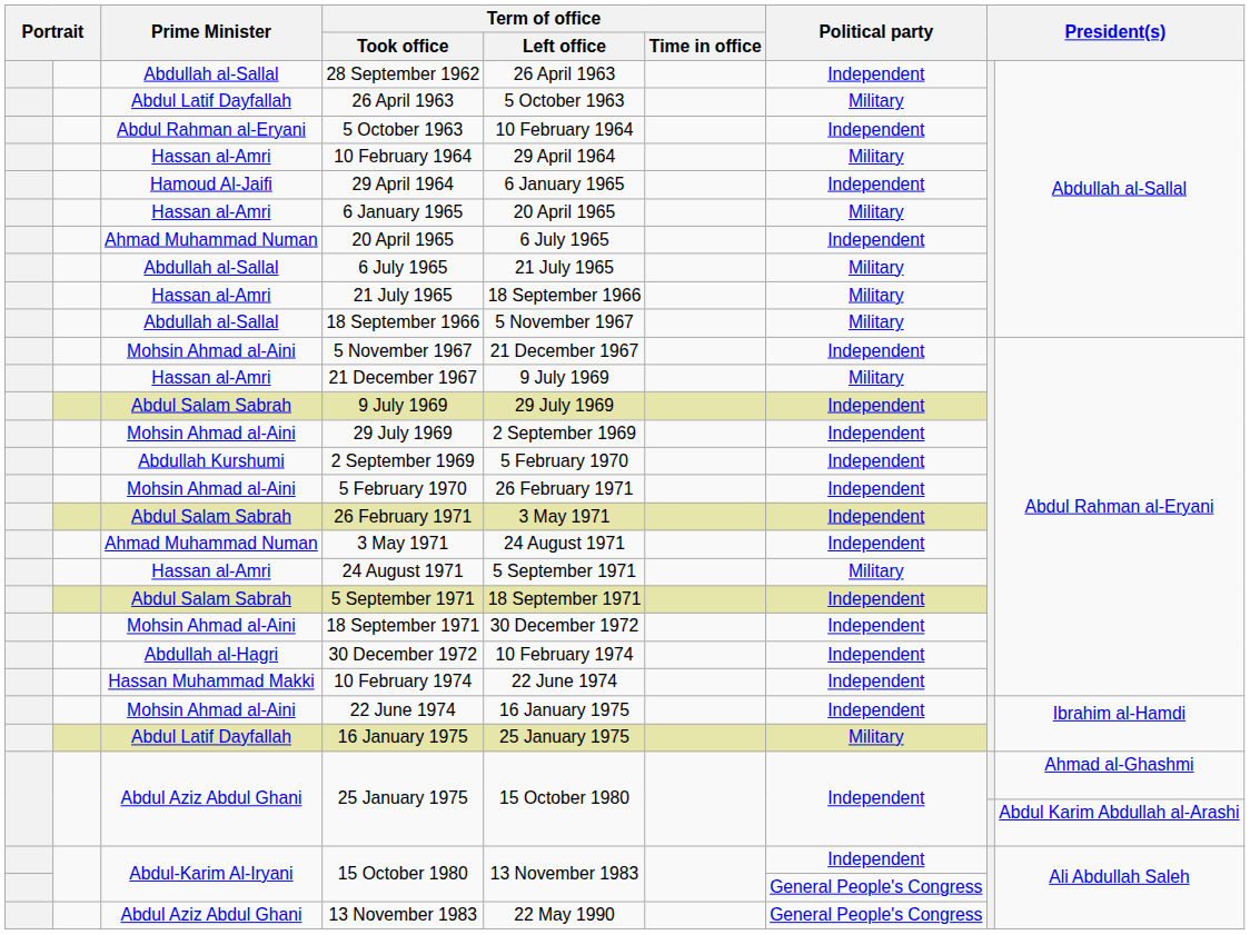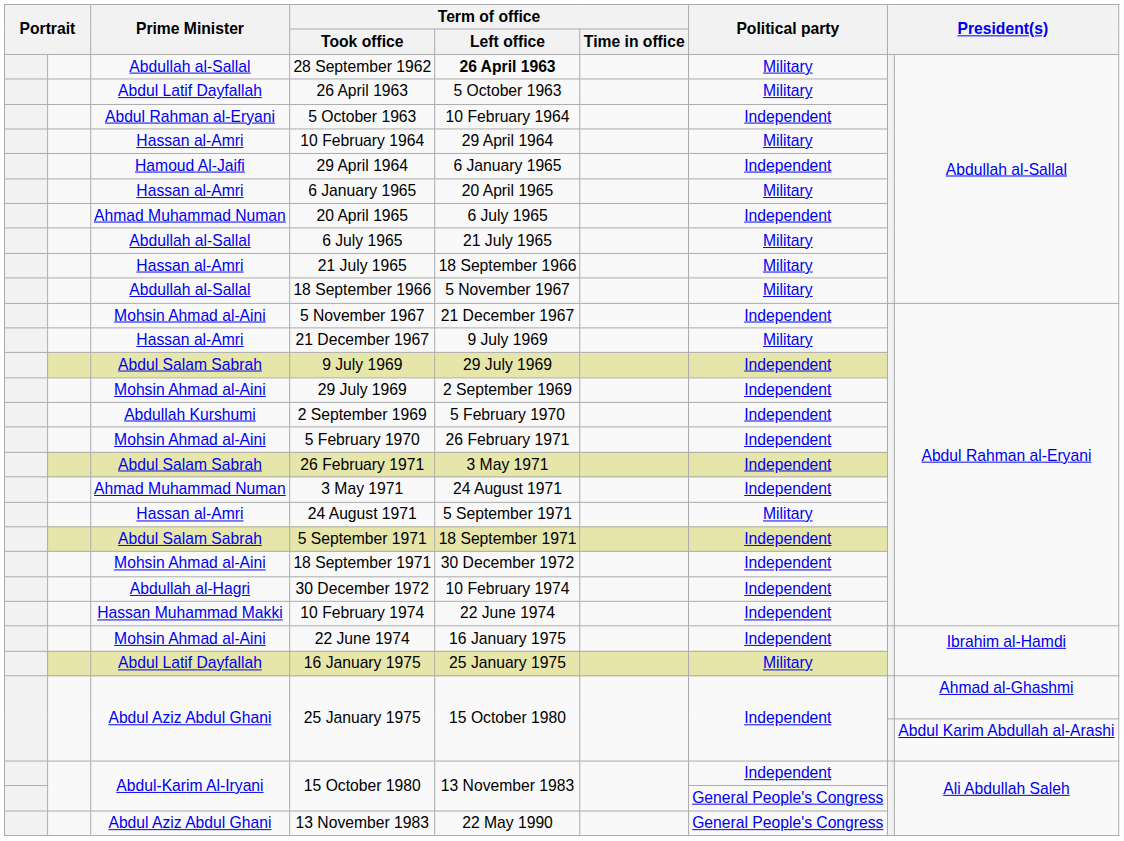 <table class="wikitable" style="text-align:center; border:1px #aaf solid; width:90%;">
 <tr>
 <th rowspan="2" colspan="2" width="80px">Portrait</th>
 <th rowspan="2">Prime Minister<br></th>
 <th colspan="3">Term of office</th>
 <th rowspan="2">Political party</th>
 <th rowspan="2" colspan="2"><a href='#'>President(s)</a><br></th>
 </tr>
 <tr>
 <th>Took office</th>
 <th>Left office</th>
 <th>Time in office</th>
 </tr>
 <tr>
 <th style="background:"></th>
 <td></td>
 <td><a href='#'>Abdullah al-Sallal</a><br></td>
 <td>28 September 1962</td>
-<td>26 April 1963</td>
+<td><strong>26 April 1963</strong></td>
 <td></td>
-<td><a href='#'>Independent</a></td>
+<td><a href='#'>Military</a></td>
 <th rowspan=10 style="background:"></th>
 <td rowspan=10><a href='#'>Abdullah al-Sallal</a><br><br></td>
 </tr>
 <tr>
 <th style="background:"></th>
 <td></td>
 <td><a href='#'>Abdul Latif Dayfallah</a><br></td>
 <td>26 April 1963</td>
 <td>5 October 1963</td>
 <td></td>
 <td><a href='#'>Military</a></td>
 </tr>
 <tr>
 <th style="background:"></th>
 <td></td>
 <td><a href='#'>Abdul Rahman al-Eryani</a><br></td>
 <td>5 October 1963</td>
 <td>10 February 1964</td>
 <td></td>
 <td><a href='#'>Independent</a></td>
 </tr>
 <tr>
 <th style="background:"></th>
 <td></td>
 <td><a href='#'>Hassan al-Amri</a><br></td>
 <td>10 February 1964</td>
 <td>29 April 1964</td>
 <td></td>
 <td><a href='#'>Military</a></td>
 </tr>
 <tr>
 <th style="background:"></th>
 <td></td>
 <td><a href='#'>Hamoud Al-Jaifi</a><br></td>
 <td>29 April 1964</td>
 <td>6 January 1965</td>
 <td></td>
 <td><a href='#'>Independent</a></td>
 </tr>
 <tr>
 <th style="background:"></th>
 <td></td>
 <td><a href='#'>Hassan al-Amri</a><br></td>
 <td>6 January 1965</td>
 <td>20 April 1965</td>
 <td></td>
 <td><a href='#'>Military</a></td>
 </tr>
 <tr>
 <th style="background:"></th>
 <td></td>
 <td><a href='#'>Ahmad Muhammad Numan</a><br></td>
 <td>20 April 1965</td>
 <td>6 July 1965</td>
 <td></td>
 <td><a href='#'>Independent</a></td>
 </tr>
 <tr>
 <th style="background:"></th>
 <td></td>
 <td><a href='#'>Abdullah al-Sallal</a><br></td>
 <td>6 July 1965</td>
 <td>21 July 1965</td>
 <td></td>
 <td><a href='#'>Military</a></td>
 </tr>
 <tr>
 <th style="background:"></th>
 <td></td>
 <td><a href='#'>Hassan al-Amri</a><br></td>
 <td>21 July 1965</td>
 <td>18 September 1966</td>
 <td></td>
 <td><a href='#'>Military</a></td>
 </tr>
 <tr>
 <th style="background:"></th>
 <td></td>
 <td><a href='#'>Abdullah al-Sallal</a><br></td>
 <td>18 September 1966</td>
 <td>5 November 1967<br></td>
 <td></td>
 <td><a href='#'>Military</a></td>
 </tr>
 <tr>
 <th style="background:"></th>
 <td></td>
 <td><a href='#'>Mohsin Ahmad al-Aini</a><br></td>
 <td>5 November 1967</td>
 <td>21 December 1967</td>
 <td></td>
 <td><a href='#'>Independent</a></td>
 <th rowspan=13 style="background:"></th>
 <td rowspan=13><a href='#'>Abdul Rahman al-Eryani</a><br><br></td>
 </tr>
 <tr>
 <th style="background:"></th>
 <td></td>
 <td><a href='#'>Hassan al-Amri</a><br></td>
 <td>21 December 1967</td>
 <td>9 July 1969</td>
 <td></td>
 <td><a href='#'>Military</a></td>
 </tr>
 <tr>
 <th style="background:"></th>
 <td style="background:#e6e6aa;"></td>
 <td style="background:#e6e6aa;"><a href='#'>Abdul Salam Sabrah</a><br></td>
 <td style="background:#e6e6aa;">9 July 1969</td>
 <td style="background:#e6e6aa;">29 July 1969</td>
 <td style="background:#e6e6aa;"></td>
 <td style="background:#e6e6aa;"><a href='#'>Independent</a></td>
 </tr>
 <tr>
 <th style="background:"></th>
 <td></td>
 <td><a href='#'>Mohsin Ahmad al-Aini</a><br></td>
 <td>29 July 1969</td>
 <td>2 September 1969</td>
 <td></td>
 <td><a href='#'>Independent</a></td>
 </tr>
 <tr>
 <th style="background:"></th>
 <td></td>
 <td><a href='#'>Abdullah Kurshumi</a><br></td>
 <td>2 September 1969</td>
 <td>5 February 1970</td>
 <td></td>
 <td><a href='#'>Independent</a></td>
 </tr>
 <tr>
 <th style="background:"></th>
 <td></td>
 <td><a href='#'>Mohsin Ahmad al-Aini</a><br></td>
 <td>5 February 1970</td>
 <td>26 February 1971</td>
 <td></td>
 <td><a href='#'>Independent</a></td>
 </tr>
 <tr>
 <th style="background:"></th>
 <td style="background:#e6e6aa;"></td>
 <td style="background:#e6e6aa;"><a href='#'>Abdul Salam Sabrah</a><br></td>
 <td style="background:#e6e6aa;">26 February 1971</td>
 <td style="background:#e6e6aa;">3 May 1971</td>
 <td style="background:#e6e6aa;"></td>
 <td style="background:#e6e6aa;"><a href='#'>Independent</a></td>
 </tr>
 <tr>
 <th style="background:"></th>
 <td></td>
 <td><a href='#'>Ahmad Muhammad Numan</a><br></td>
 <td>3 May 1971</td>
 <td>24 August 1971</td>
 <td></td>
 <td><a href='#'>Independent</a></td>
 </tr>
 <tr>
 <th style="background:"></th>
 <td></td>
 <td><a href='#'>Hassan al-Amri</a><br></td>
 <td>24 August 1971</td>
 <td>5 September 1971</td>
 <td></td>
 <td><a href='#'>Military</a></td>
 </tr>
 <tr>
 <th style="background:"></th>
 <td style="background:#e6e6aa;"></td>
 <td style="background:#e6e6aa;"><a href='#'>Abdul Salam Sabrah</a><br></td>
 <td style="background:#e6e6aa;">5 September 1971</td>
 <td style="background:#e6e6aa;">18 September 1971</td>
 <td style="background:#e6e6aa;"></td>
 <td style="background:#e6e6aa;"><a href='#'>Independent</a></td>
 </tr>
 <tr>
 <th style="background:"></th>
 <td></td>
 <td><a href='#'>Mohsin Ahmad al-Aini</a><br></td>
 <td>18 September 1971</td>
 <td>30 December 1972</td>
 <td></td>
 <td><a href='#'>Independent</a></td>
 </tr>
 <tr>
 <th style="background:"></th>
 <td></td>
 <td><a href='#'>Abdullah al-Hagri</a><br></td>
 <td>30 December 1972</td>
 <td>10 February 1974</td>
 <td></td>
 <td><a href='#'>Independent</a></td>
 </tr>
 <tr>
 <th style="background:"></th>
 <td></td>
 <td><a href='#'>Hassan Muhammad Makki</a><br></td>
 <td>10 February 1974</td>
 <td>22 June 1974</td>
 <td></td>
 <td><a href='#'>Independent</a></td>
 </tr>
 <tr>
 <th style="background:"></th>
 <td></td>
 <td><a href='#'>Mohsin Ahmad al-Aini</a><br></td>
 <td>22 June 1974</td>
 <td>16 January 1975</td>
 <td></td>
 <td><a href='#'>Independent</a></td>
 <th rowspan=3 style="background:"></th>
 <td rowspan=3><a href='#'>Ibrahim al-Hamdi</a><br><br></td>
 </tr>
 <tr>
 <th style="background:"></th>
 <td style="background:#e6e6aa;"></td>
 <td style="background:#e6e6aa;"><a href='#'>Abdul Latif Dayfallah</a><br></td>
 <td style="background:#e6e6aa;">16 January 1975</td>
 <td style="background:#e6e6aa;">25 January 1975</td>
 <td style="background:#e6e6aa;"></td>
 <td style="background:#e6e6aa;"><a href='#'>Military</a></td>
 </tr>
 <tr>
 <th rowspan=4 style="background:"></th>
 <td rowspan=4></td>
 <td rowspan=4><a href='#'>Abdul Aziz Abdul Ghani</a><br></td>
 <td rowspan=4>25 January 1975</td>
 <td rowspan=4>15 October 1980</td>
 <td rowspan=4></td>
 <td rowspan=4><a href='#'>Independent</a></td>
 </tr>
 <tr>
 <th style="background:"></th>
 <td><a href='#'>Ahmad al-Ghashmi</a><br><br></td>
 </tr>
 <tr>
 <th style="background:"></th>
 <td><a href='#'>Abdul Karim Abdullah al-Arashi</a><br><br></td>
 </tr>
 <tr>
 <th rowspan=4 style="background:"></th>
 <td rowspan=4><a href='#'>Ali Abdullah Saleh</a><br><br></td>
 </tr>
 <tr>
 <th style="background:"></th>
 <td rowspan=2></td>
 <td rowspan=2><a href='#'>Abdul-Karim Al-Iryani</a><br></td>
 <td rowspan=2>15 October 1980</td>
 <td rowspan=2>13 November 1983</td>
 <td rowspan=2></td>
 <td><a href='#'>Independent</a><br></td>
 </tr>
 <tr>
 <th style="background:"></th>
 <td><a href='#'>General People's Congress</a></td>
 </tr>
 <tr>
 <th style="background:"></th>
 <td></td>
 <td><a href='#'>Abdul Aziz Abdul Ghani</a><br></td>
 <td>13 November 1983</td>
 <td>22 May 1990</td>
 <td></td>
 <td><a href='#'>General People's Congress</a></td>
 </tr>
 </table>
